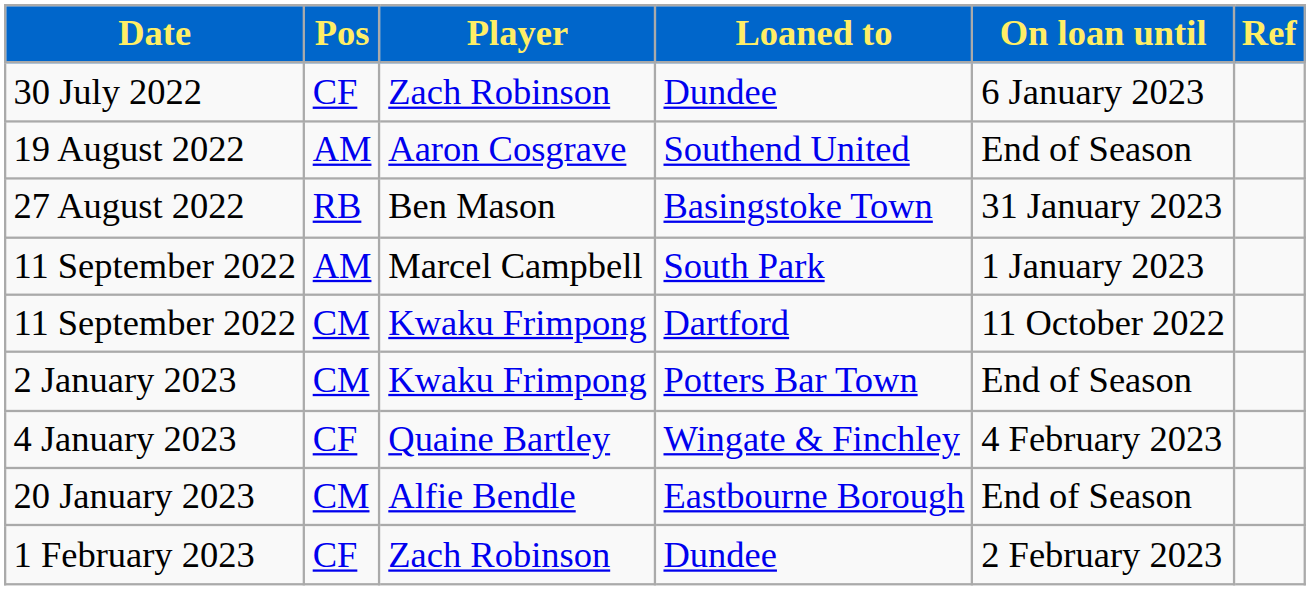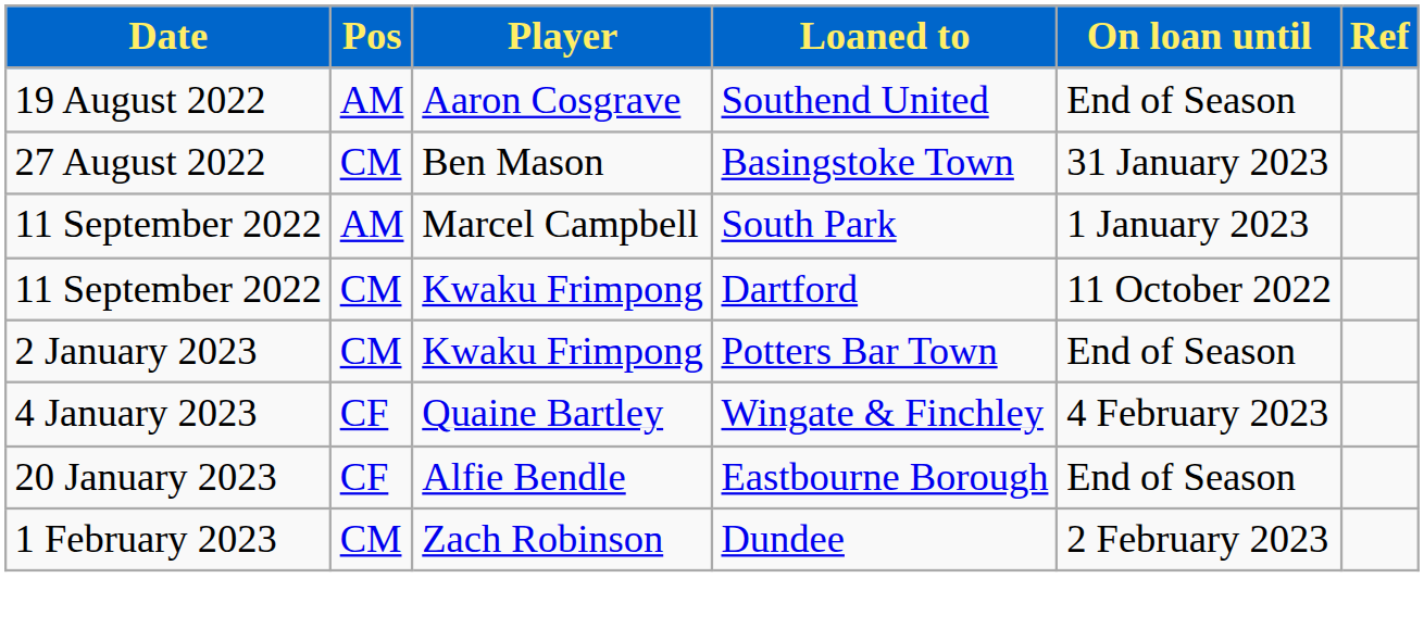 <table class="wikitable plainrowheaders sortable">
 <tr>
 <th style="background:#0066cb; color:#ffee66; ">Date</th>
 <th style="background:#0066cb; color:#ffee66; ">Pos</th>
 <th style="background:#0066cb; color:#ffee66; ">Player</th>
 <th style="background:#0066cb; color:#ffee66; ">Loaned to</th>
 <th style="background:#0066cb; color:#ffee66; ">On loan until</th>
 <th style="background:#0066cb; color:#ffee66; ">Ref</th>
-</tr>
-<tr>
-<td>30 July 2022</td>
-<td><a href='#'>CF</a></td>
-<td> <a href='#'>Zach Robinson</a></td>
-<td> <a href='#'>Dundee</a></td>
-<td>6 January 2023</td>
-<td></td>
 </tr>
 <tr>
 <td>19 August 2022</td>
 <td><a href='#'>AM</a></td>
 <td> <a href='#'>Aaron Cosgrave</a></td>
 <td> <a href='#'>Southend United</a></td>
 <td>End of Season</td>
 <td></td>
 </tr>
 <tr>
 <td>27 August 2022</td>
-<td><a href='#'>RB</a></td>
+<td><a href='#'>CM</a></td>
 <td> Ben Mason</td>
 <td> <a href='#'>Basingstoke Town</a></td>
 <td>31 January 2023</td>
 <td></td>
 </tr>
 <tr>
 <td>11 September 2022</td>
 <td><a href='#'>AM</a></td>
 <td> Marcel Campbell</td>
 <td> <a href='#'>South Park</a></td>
 <td>1 January 2023</td>
 <td></td>
 </tr>
 <tr>
 <td>11 September 2022</td>
 <td><a href='#'>CM</a></td>
 <td> <a href='#'>Kwaku Frimpong</a></td>
 <td> <a href='#'>Dartford</a></td>
 <td>11 October 2022</td>
 <td></td>
 </tr>
 <tr>
 <td>2 January 2023</td>
 <td><a href='#'>CM</a></td>
 <td> <a href='#'>Kwaku Frimpong</a></td>
 <td> <a href='#'>Potters Bar Town</a></td>
 <td>End of Season</td>
 <td></td>
 </tr>
 <tr>
 <td>4 January 2023</td>
 <td><a href='#'>CF</a></td>
 <td> <a href='#'>Quaine Bartley</a></td>
 <td> <a href='#'>Wingate & Finchley</a></td>
 <td>4 February 2023</td>
 <td></td>
 </tr>
 <tr>
 <td>20 January 2023</td>
-<td><a href='#'>CM</a></td>
+<td><a href='#'>CF</a></td>
 <td> <a href='#'>Alfie Bendle</a></td>
 <td> <a href='#'>Eastbourne Borough</a></td>
 <td>End of Season</td>
 <td></td>
 </tr>
 <tr>
 <td>1 February 2023</td>
-<td><a href='#'>CF</a></td>
+<td><a href='#'>CM</a></td>
 <td> <a href='#'>Zach Robinson</a></td>
 <td> <a href='#'>Dundee</a></td>
 <td>2 February 2023</td>
 <td></td>
 </tr>
 </table>
